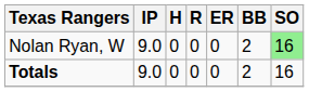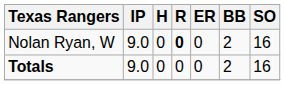 <table class="wikitable sortable">
 <tr>
 <th><strong>Texas Rangers</strong></th>
 <th>IP</th>
 <th>H</th>
 <th>R</th>
 <th>ER</th>
 <th>BB</th>
 <th>SO</th>
 </tr>
 <tr>
 <td>Nolan Ryan, W</td>
 <td>9.0</td>
 <td>0</td>
-<td>0</td>
+<td><strong>0</strong></td>
 <td>0</td>
 <td>2</td>
-<td style="background: lightgreen;">16</td>
+<td>16</td>
 </tr>
 <tr>
 <td><strong>Totals</strong></td>
 <td>9.0</td>
 <td>0</td>
 <td>0</td>
 <td>0</td>
 <td>2</td>
 <td>16</td>
 </tr>
 <tr>
 </tr>
 </table>
